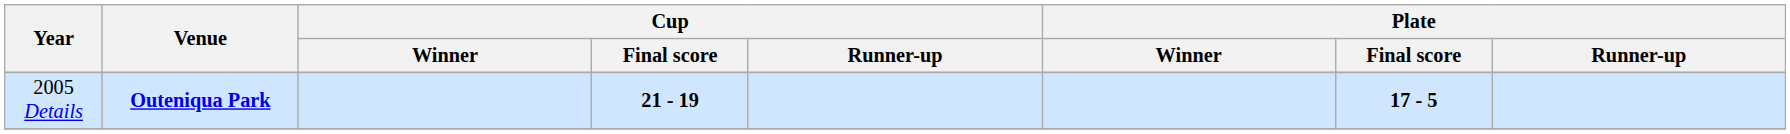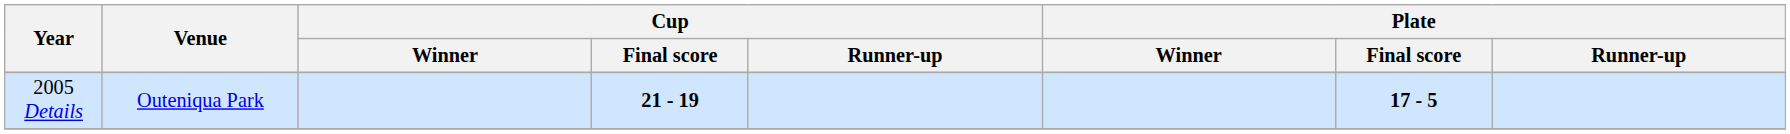 <table class="wikitable" style="font-size:90%; width: 100%; text-align: center;">
 <tr>
 <th rowspan=2 width=5%>Year</th>
 <th rowspan=2 width=10%>Venue</th>
 <th colspan=3>Cup</th>
 <th colspan=3>Plate</th>
 </tr>
 <tr>
 <th width=15%>Winner</th>
 <th width=8%>Final score</th>
 <th width=15%>Runner-up</th>
 <th width=15%>Winner</th>
 <th width=8%>Final score</th>
 <th width=15%>Runner-up</th>
 </tr>
 <tr>
 </tr>
 <tr style="background: #D0E6FF;">
 <td>2005<br> <em><a href='#'>Details</a></em></td>
-<td><strong><a href='#'>Outeniqua Park</a></strong></td>
+<td><a href='#'>Outeniqua Park</a></td>
 <td><strong></strong></td>
 <td><strong>21 - 19</strong></td>
 <td></td>
 <td></td>
 <td><strong>17 - 5</strong></td>
 <td></td>
 </tr>
 <tr>
 </tr>
 </table>
